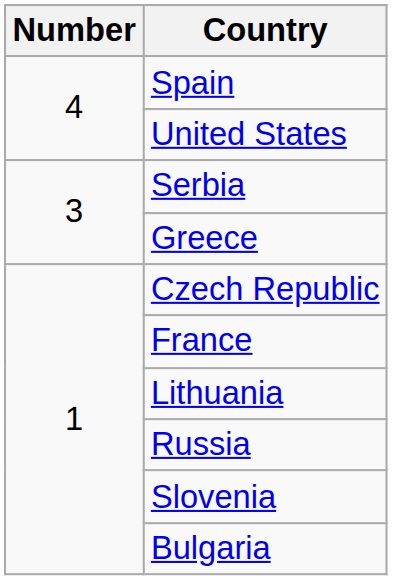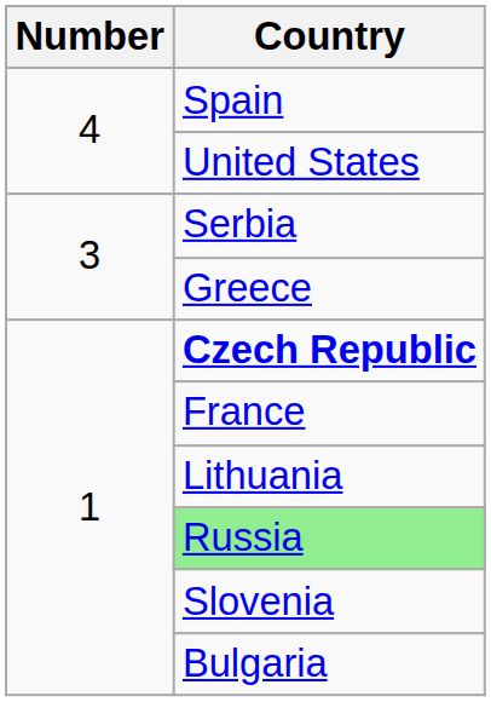 <table class="wikitable sortable">
 <tr>
 <th>Number</th>
 <th>Country</th>
 </tr>
 <tr>
 <td rowspan=2 style="text-align:center;">4</td>
 <td> <a href='#'>Spain</a></td>
 </tr>
 <tr>
 <td> <a href='#'>United States</a></td>
 </tr>
 <tr>
 <td rowspan=2 style="text-align:center;">3</td>
 <td> <a href='#'>Serbia</a></td>
 </tr>
 <tr>
 <td> <a href='#'>Greece</a></td>
 </tr>
 <tr>
 <td rowspan=6 style="text-align:center;">1</td>
-<td> <a href='#'>Czech Republic</a></td>
+<td><strong> <a href='#'>Czech Republic</a></strong></td>
 </tr>
 <tr>
 <td> <a href='#'>France</a></td>
 </tr>
 <tr>
 <td> <a href='#'>Lithuania</a></td>
 </tr>
 <tr>
-<td> <a href='#'>Russia</a></td>
+<td style="background: lightgreen;"> <a href='#'>Russia</a></td>
 </tr>
 <tr>
 <td> <a href='#'>Slovenia</a></td>
 </tr>
 <tr>
 <td> <a href='#'>Bulgaria</a></td>
 </tr>
 </table>
